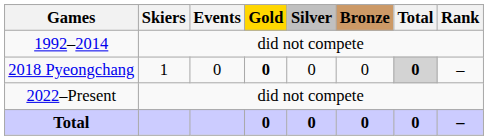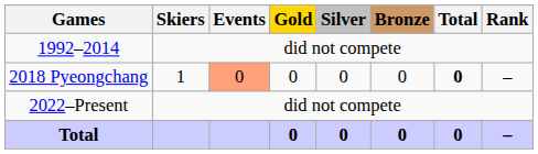 <table class="wikitable sortable collapsible collapsed">
 <tr>
 <th>Games</th>
 <th>Skiers</th>
 <th>Events</th>
 <th style="text-align:center; background-color:gold;">Gold</th>
 <th style="text-align:center; background-color:silver;">Silver</th>
 <th style="text-align:center; background-color:#c96;">Bronze</th>
 <th>Total</th>
 <th>Rank</th>
 </tr>
 <tr align=center>
 <td><a href='#'>1992</a>–<a href='#'>2014</a></td>
 <td colspan=7>did not compete</td>
 </tr>
 <tr align=center>
 <td><a href='#'>2018 Pyeongchang</a></td>
 <td>1</td>
+<td style="background: lightsalmon;">0</td>
+<td>0</td>
+<td>0</td>
 <td>0</td>
 <td><strong>0</strong></td>
-<td>0</td>
-<td>0</td>
-<td style="background: lightgrey;"><strong>0</strong></td>
 <td>–</td>
 </tr>
 <tr align=center>
 <td><a href='#'>2022</a>–Present</td>
 <td colspan=7>did not compete</td>
 </tr>
 <tr style="text-align:center; background-color:#ccf;">
 <td><strong>Total</strong></td>
 <td></td>
 <td></td>
 <td><strong>0</strong></td>
 <td><strong>0</strong></td>
 <td><strong>0</strong></td>
 <td><strong>0</strong></td>
 <td><strong>–</strong></td>
 </tr>
 </table>
